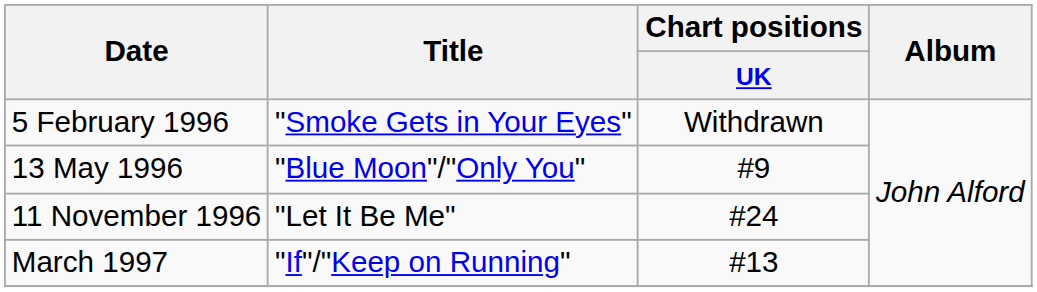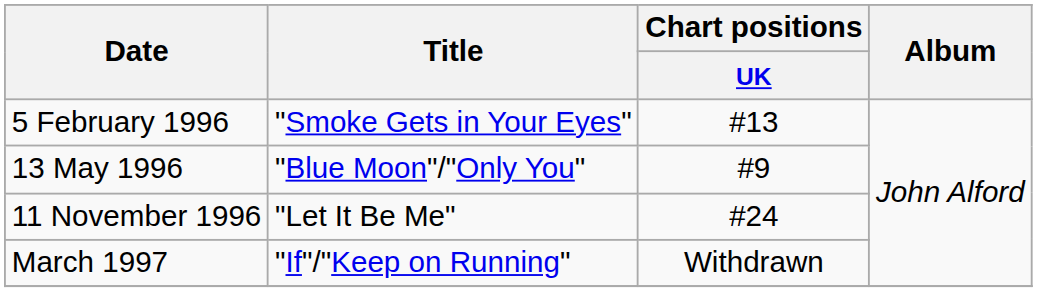 <table class="wikitable">
 <tr>
 <th rowspan="2">Date</th>
 <th rowspan="2">Title</th>
 <th>Chart positions</th>
 <th rowspan="2">Album</th>
 </tr>
 <tr>
 <th style="text-align:center;"><small><a href='#'>UK</a></small></th>
 </tr>
 <tr>
 <td>5 February 1996</td>
 <td>"<a href='#'>Smoke Gets in Your Eyes</a>"</td>
-<td style="text-align :center;">Withdrawn</td>
+<td style="text-align:center;">#13</td>
 <td style="text-align:left;" rowspan="4"><em>John Alford</em></td>
 </tr>
 <tr>
 <td>13 May 1996</td>
 <td>"<a href='#'>Blue Moon</a>"/"<a href='#'>Only You</a>"</td>
 <td style="text-align:center;">#9</td>
 </tr>
 <tr>
 <td>11 November 1996</td>
 <td>"Let It Be Me"</td>
 <td style="text-align:center;">#24</td>
 </tr>
 <tr>
 <td>March 1997</td>
 <td>"<a href='#'>If</a>"/"<a href='#'>Keep on Running</a>"</td>
-<td style="text-align:center;">#13</td>
+<td style="text-align :center;">Withdrawn</td>
 </tr>
 <tr>
 </tr>
 </table>
